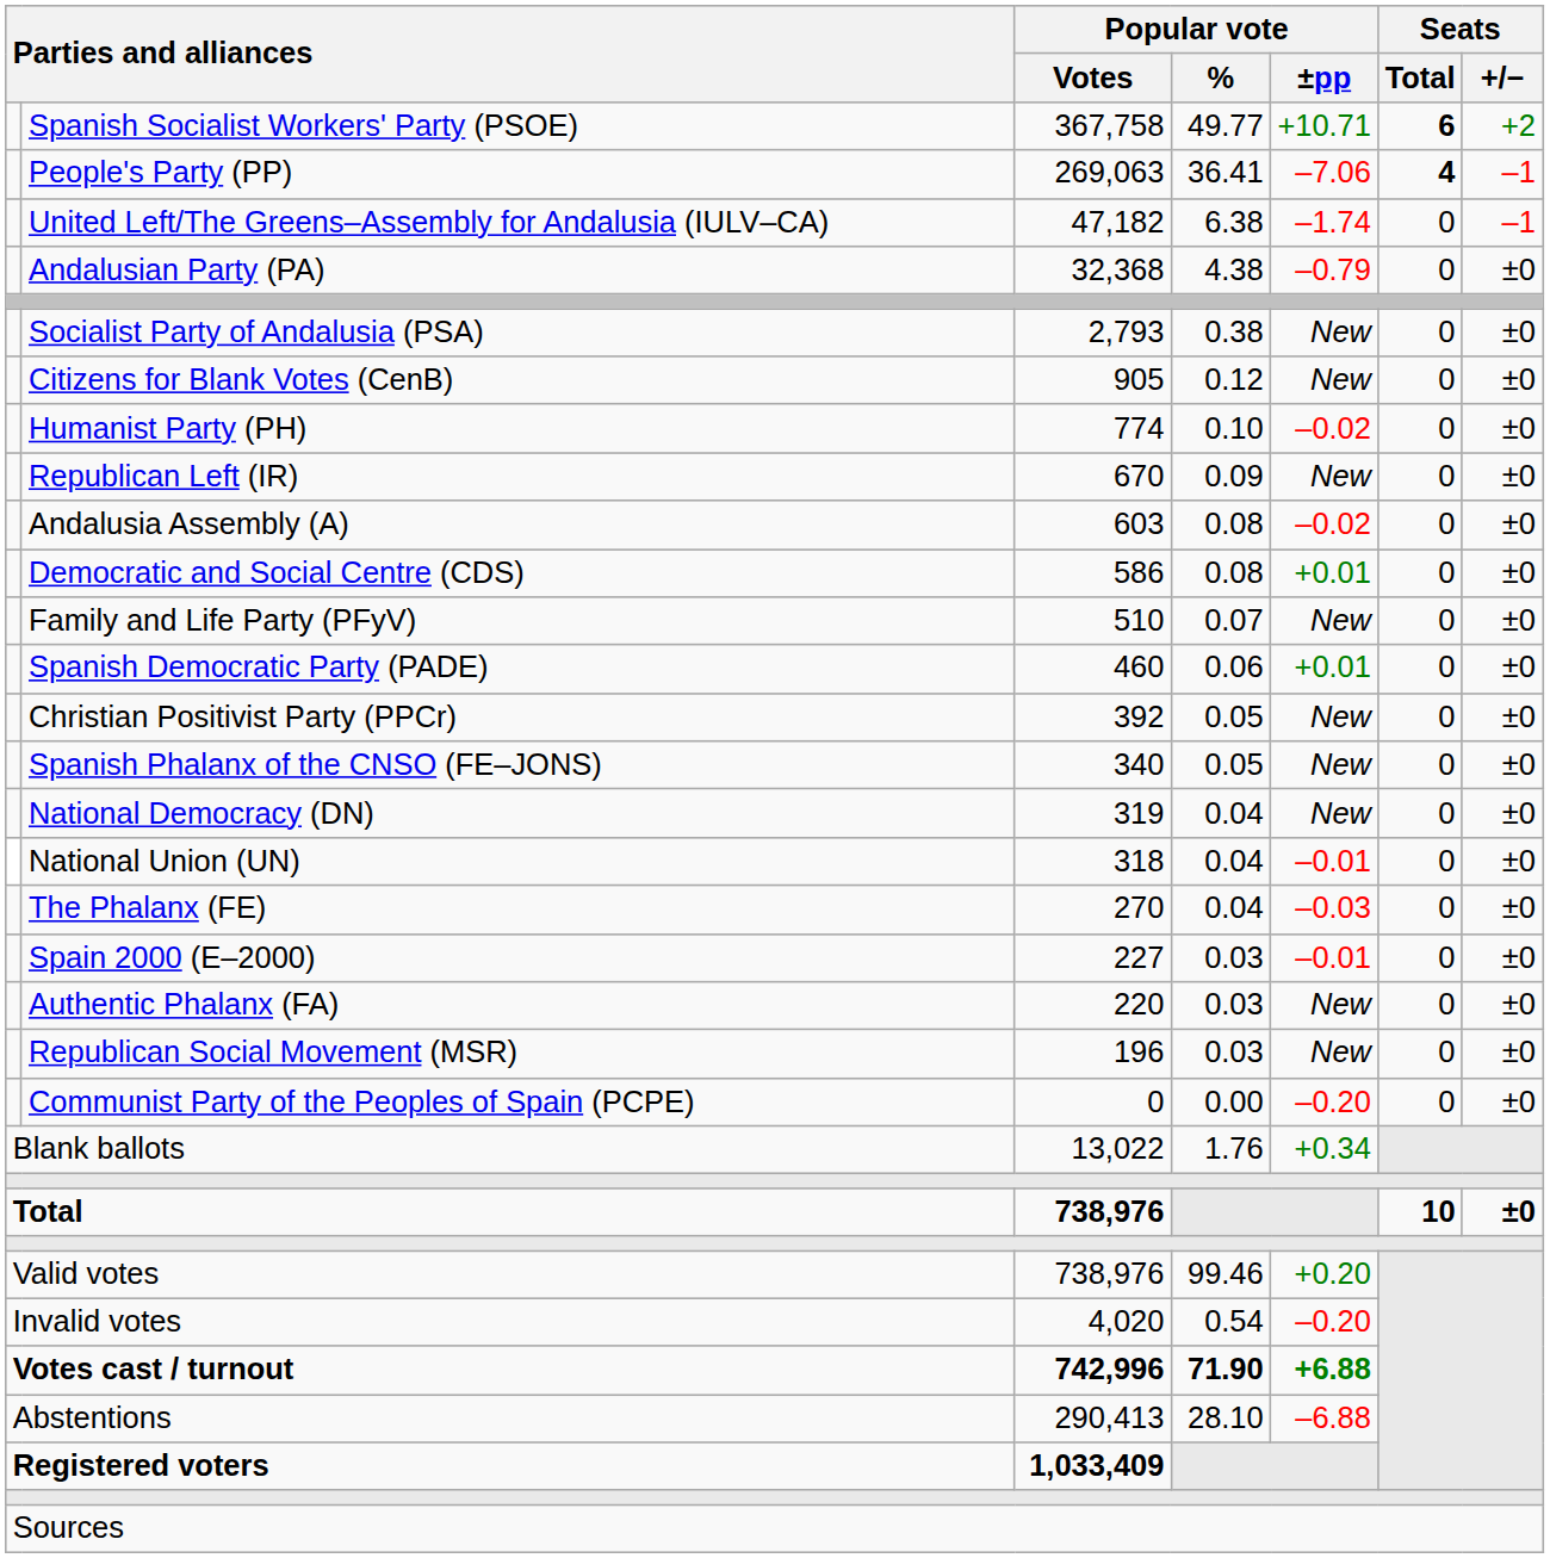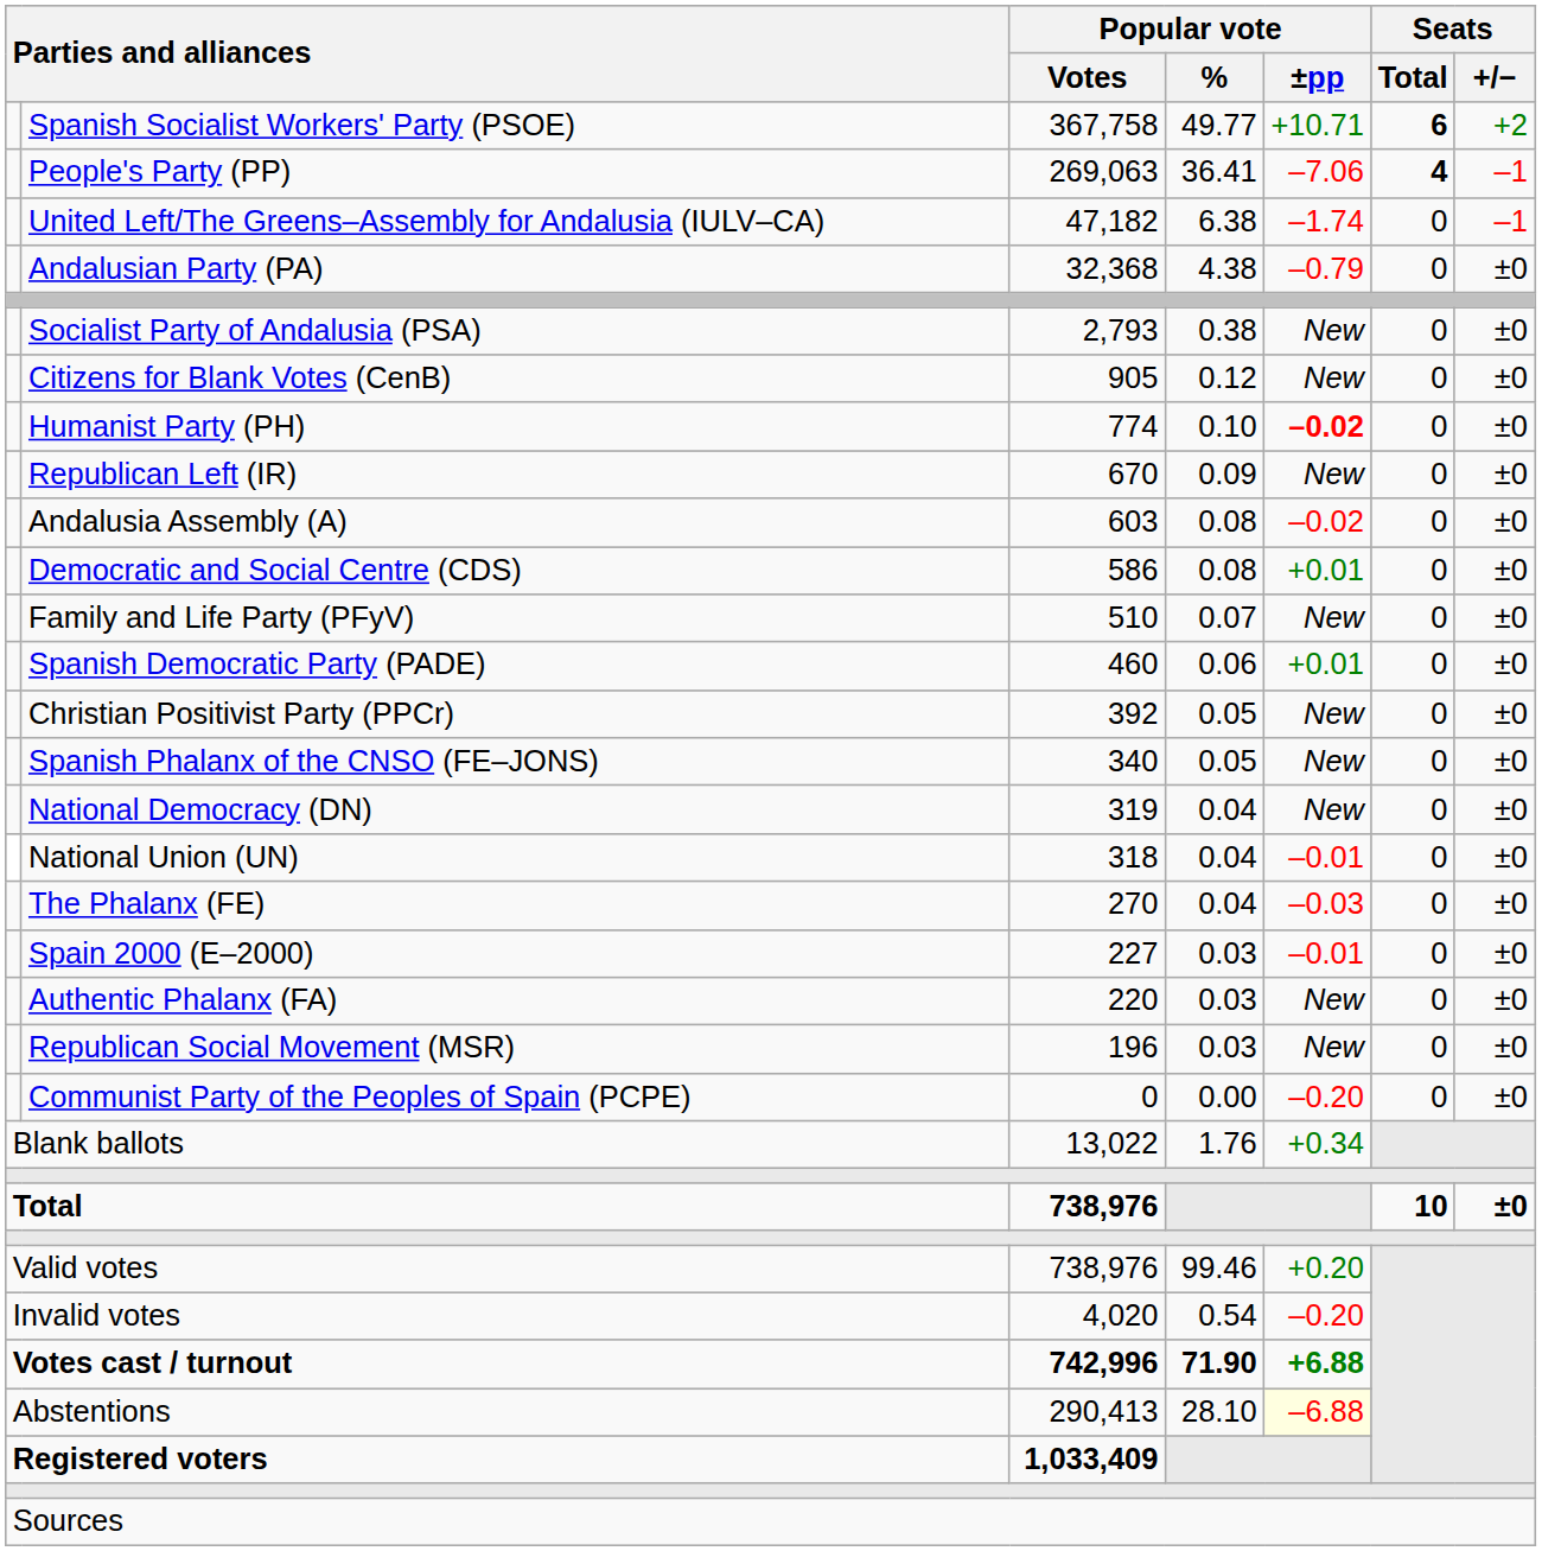 <table class="wikitable" style="text-align:right;">
 <tr>
 <th style="text-align:left;" rowspan="2" colspan="2" width="525">Parties and alliances</th>
 <th colspan="3">Popular vote</th>
 <th colspan="2">Seats</th>
 </tr>
 <tr>
 <th width="75">Votes</th>
 <th width="45">%</th>
 <th width="45">±<a href='#'>pp</a></th>
 <th width="35">Total</th>
 <th width="35">+/−</th>
 </tr>
 <tr>
 <td width="1" style="color:inherit;background:"></td>
 <td align="left"><a href='#'>Spanish Socialist Workers' Party</a> (PSOE)</td>
 <td>367,758</td>
 <td>49.77</td>
 <td style="color:green;">+10.71</td>
 <td><strong>6</strong></td>
 <td style="color:green;">+2</td>
 </tr>
 <tr>
 <td style="color:inherit;background:"></td>
 <td align="left"><a href='#'>People's Party</a> (PP)</td>
 <td>269,063</td>
 <td>36.41</td>
 <td style="color:red;">–7.06</td>
 <td><strong>4</strong></td>
 <td style="color:red;">–1</td>
 </tr>
 <tr>
 <td style="color:inherit;background:"></td>
 <td align="left"><a href='#'>United Left/The Greens–Assembly for Andalusia</a> (IULV–CA)</td>
 <td>47,182</td>
 <td>6.38</td>
 <td style="color:red;">–1.74</td>
 <td>0</td>
 <td style="color:red;">–1</td>
 </tr>
 <tr>
 <td style="color:inherit;background:"></td>
 <td align="left"><a href='#'>Andalusian Party</a> (PA)</td>
 <td>32,368</td>
 <td>4.38</td>
 <td style="color:red;">–0.79</td>
 <td>0</td>
 <td>±0</td>
 </tr>
 <tr>
 <td colspan="7" bgcolor="#C0C0C0"></td>
 </tr>
 <tr>
 <td style="color:inherit;background:"></td>
 <td align="left"><a href='#'>Socialist Party of Andalusia</a> (PSA)</td>
 <td>2,793</td>
 <td>0.38</td>
 <td><em>New</em></td>
 <td>0</td>
 <td>±0</td>
 </tr>
 <tr>
 <td style="color:inherit;background:"></td>
 <td align="left"><a href='#'>Citizens for Blank Votes</a> (CenB)</td>
 <td>905</td>
 <td>0.12</td>
 <td><em>New</em></td>
 <td>0</td>
 <td>±0</td>
 </tr>
 <tr>
 <td style="color:inherit;background:"></td>
 <td align="left"><a href='#'>Humanist Party</a> (PH)</td>
 <td>774</td>
 <td>0.10</td>
-<td style="color:red;">–0.02</td>
+<td style="color:red;"><strong>–0.02</strong></td>
 <td>0</td>
 <td>±0</td>
 </tr>
 <tr>
 <td style="color:inherit;background:"></td>
 <td align="left"><a href='#'>Republican Left</a> (IR)</td>
 <td>670</td>
 <td>0.09</td>
 <td><em>New</em></td>
 <td>0</td>
 <td>±0</td>
 </tr>
 <tr>
 <td style="color:inherit;background:"></td>
 <td align="left">Andalusia Assembly (A)</td>
 <td>603</td>
 <td>0.08</td>
 <td style="color:red;">–0.02</td>
 <td>0</td>
 <td>±0</td>
 </tr>
 <tr>
 <td style="color:inherit;background:"></td>
 <td align="left"><a href='#'>Democratic and Social Centre</a> (CDS)</td>
 <td>586</td>
 <td>0.08</td>
 <td style="color:green;">+0.01</td>
 <td>0</td>
 <td>±0</td>
 </tr>
 <tr>
 <td style="color:inherit;background:"></td>
 <td align="left">Family and Life Party (PFyV)</td>
 <td>510</td>
 <td>0.07</td>
 <td><em>New</em></td>
 <td>0</td>
 <td>±0</td>
 </tr>
 <tr>
 <td style="color:inherit;background:"></td>
 <td align="left"><a href='#'>Spanish Democratic Party</a> (PADE)</td>
 <td>460</td>
 <td>0.06</td>
 <td style="color:green;">+0.01</td>
 <td>0</td>
 <td>±0</td>
 </tr>
 <tr>
 <td style="color:inherit;background:"></td>
 <td align="left">Christian Positivist Party (PPCr)</td>
 <td>392</td>
 <td>0.05</td>
 <td><em>New</em></td>
 <td>0</td>
 <td>±0</td>
 </tr>
 <tr>
 <td style="color:inherit;background:"></td>
 <td align="left"><a href='#'>Spanish Phalanx of the CNSO</a> (FE–JONS)</td>
 <td>340</td>
 <td>0.05</td>
 <td><em>New</em></td>
 <td>0</td>
 <td>±0</td>
 </tr>
 <tr>
 <td style="color:inherit;background:"></td>
 <td align="left"><a href='#'>National Democracy</a> (DN)</td>
 <td>319</td>
 <td>0.04</td>
 <td><em>New</em></td>
 <td>0</td>
 <td>±0</td>
 </tr>
 <tr>
 <td bgcolor="white"></td>
 <td align="left">National Union (UN)</td>
 <td>318</td>
 <td>0.04</td>
 <td style="color:red;">–0.01</td>
 <td>0</td>
 <td>±0</td>
 </tr>
 <tr>
 <td style="color:inherit;background:"></td>
 <td align="left"><a href='#'>The Phalanx</a> (FE)</td>
 <td>270</td>
 <td>0.04</td>
 <td style="color:red;">–0.03</td>
 <td>0</td>
 <td>±0</td>
 </tr>
 <tr>
 <td style="color:inherit;background:"></td>
 <td align="left"><a href='#'>Spain 2000</a> (E–2000)</td>
 <td>227</td>
 <td>0.03</td>
 <td style="color:red;">–0.01</td>
 <td>0</td>
 <td>±0</td>
 </tr>
 <tr>
 <td style="color:inherit;background:"></td>
 <td align="left"><a href='#'>Authentic Phalanx</a> (FA)</td>
 <td>220</td>
 <td>0.03</td>
 <td><em>New</em></td>
 <td>0</td>
 <td>±0</td>
 </tr>
 <tr>
 <td style="color:inherit;background:"></td>
 <td align="left"><a href='#'>Republican Social Movement</a> (MSR)</td>
 <td>196</td>
 <td>0.03</td>
 <td><em>New</em></td>
 <td>0</td>
 <td>±0</td>
 </tr>
 <tr>
 <td style="color:inherit;background:"></td>
 <td align="left"><a href='#'>Communist Party of the Peoples of Spain</a> (PCPE)</td>
 <td>0</td>
 <td>0.00</td>
 <td style="color:red;">–0.20</td>
 <td>0</td>
 <td>±0</td>
 </tr>
 <tr>
 <td align="left" colspan="2">Blank ballots</td>
 <td>13,022</td>
 <td>1.76</td>
 <td style="color:green;">+0.34</td>
 <td bgcolor="#E9E9E9" colspan="2"></td>
 </tr>
 <tr>
 <td colspan="7" bgcolor="#E9E9E9"></td>
 </tr>
 <tr style="font-weight:bold;">
 <td align="left" colspan="2">Total</td>
 <td>738,976</td>
 <td bgcolor="#E9E9E9" colspan="2"></td>
 <td>10</td>
 <td>±0</td>
 </tr>
 <tr>
 <td colspan="7" bgcolor="#E9E9E9"></td>
 </tr>
 <tr>
 <td align="left" colspan="2">Valid votes</td>
 <td>738,976</td>
 <td>99.46</td>
 <td style="color:green;">+0.20</td>
 <td bgcolor="#E9E9E9" colspan="2" rowspan="5"></td>
 </tr>
 <tr>
 <td align="left" colspan="2">Invalid votes</td>
 <td>4,020</td>
 <td>0.54</td>
 <td style="color:red;">–0.20</td>
 </tr>
 <tr style="font-weight:bold;">
 <td align="left" colspan="2">Votes cast / turnout</td>
 <td>742,996</td>
 <td>71.90</td>
 <td style="color:green;">+6.88</td>
 </tr>
 <tr>
 <td align="left" colspan="2">Abstentions</td>
 <td>290,413</td>
 <td>28.10</td>
-<td style="color:red;">–6.88</td>
+<td style="background: lightyellow; color:red;">–6.88</td>
 </tr>
 <tr style="font-weight:bold;">
 <td align="left" colspan="2">Registered voters</td>
 <td>1,033,409</td>
 <td bgcolor="#E9E9E9" colspan="2"></td>
 </tr>
 <tr>
 <td colspan="7" bgcolor="#E9E9E9"></td>
 </tr>
 <tr>
 <td align="left" colspan="7">Sources</td>
 </tr>
 </table>
